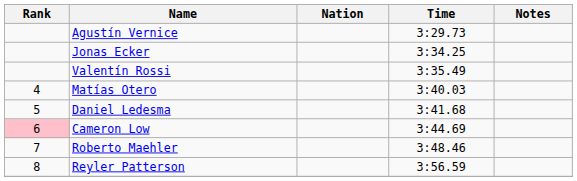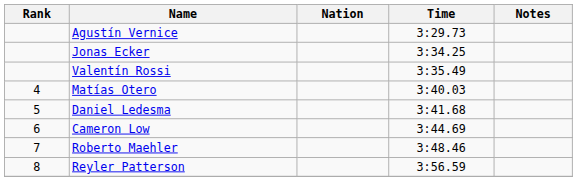 <table class="wikitable sortable" style="text-align:center" width=50%>
 <tr>
 <th>Rank</th>
 <th>Name</th>
 <th>Nation</th>
 <th>Time</th>
 <th>Notes</th>
 </tr>
 <tr>
 <td></td>
 <td align=left><a href='#'>Agustín Vernice</a></td>
 <td align=left></td>
 <td>3:29.73</td>
 <td></td>
 </tr>
 <tr>
 <td></td>
 <td align=left><a href='#'>Jonas Ecker</a></td>
 <td align=left></td>
 <td>3:34.25</td>
 <td></td>
 </tr>
 <tr>
 <td></td>
 <td align=left><a href='#'>Valentín Rossi</a></td>
 <td align=left></td>
 <td>3:35.49</td>
 <td></td>
 </tr>
 <tr>
 <td>4</td>
 <td align=left><a href='#'>Matías Otero</a></td>
 <td align=left></td>
 <td>3:40.03</td>
 <td></td>
 </tr>
 <tr>
 <td>5</td>
 <td align=left><a href='#'>Daniel Ledesma</a></td>
 <td align=left></td>
 <td>3:41.68</td>
 <td></td>
 </tr>
 <tr>
-<td style="background: pink;">6</td>
+<td>6</td>
 <td align=left><a href='#'>Cameron Low</a></td>
 <td align=left></td>
 <td>3:44.69</td>
 <td></td>
 </tr>
 <tr>
 <td>7</td>
 <td align=left><a href='#'>Roberto Maehler</a></td>
 <td align=left></td>
 <td>3:48.46</td>
 <td></td>
 </tr>
 <tr>
 <td>8</td>
 <td align=left><a href='#'>Reyler Patterson</a></td>
 <td align=left></td>
 <td>3:56.59</td>
 <td></td>
 </tr>
 <tr>
 </tr>
 </table>
